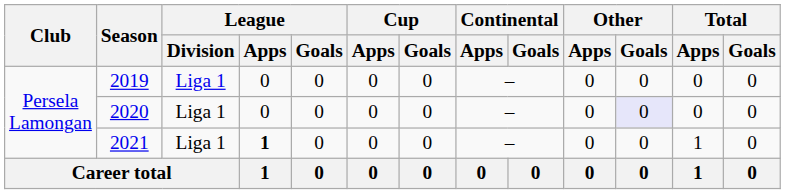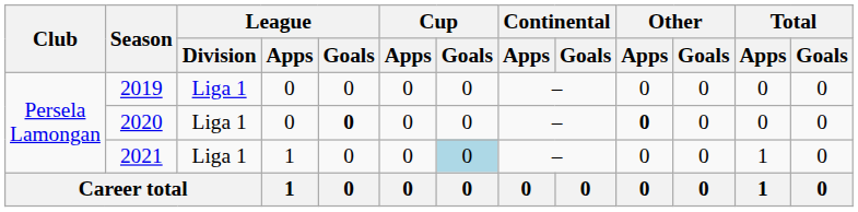 <table class="wikitable" style="text-align: center">
 <tr>
 <th rowspan="2">Club</th>
 <th rowspan="2">Season</th>
 <th colspan="3">League</th>
 <th colspan="2">Cup</th>
 <th colspan="2">Continental</th>
 <th colspan="2">Other</th>
 <th colspan="2">Total</th>
 </tr>
 <tr>
 <th>Division</th>
 <th>Apps</th>
 <th>Goals</th>
 <th>Apps</th>
 <th>Goals</th>
 <th>Apps</th>
 <th>Goals</th>
 <th>Apps</th>
 <th>Goals</th>
 <th>Apps</th>
 <th>Goals</th>
 </tr>
 <tr>
 <td rowspan="3"><a href='#'>Persela Lamongan</a></td>
 <td><a href='#'>2019</a></td>
 <td rowspan="1" valign="center"><a href='#'>Liga 1</a></td>
 <td>0</td>
 <td>0</td>
 <td>0</td>
 <td>0</td>
 <td colspan="2">–</td>
 <td>0</td>
 <td>0</td>
 <td>0</td>
 <td>0</td>
 </tr>
 <tr>
 <td><a href='#'>2020</a></td>
 <td rowspan="1" valign="center">Liga 1</td>
 <td>0</td>
-<td>0</td>
+<td><strong>0</strong></td>
 <td>0</td>
 <td>0</td>
 <td colspan="2">–</td>
+<td><strong>0</strong></td>
 <td>0</td>
-<td style="background: lavender;">0</td>
 <td>0</td>
 <td>0</td>
 </tr>
 <tr>
 <td><a href='#'>2021</a></td>
 <td rowspan="1" valign="center">Liga 1</td>
-<td><strong>1</strong></td>
+<td>1</td>
 <td>0</td>
 <td>0</td>
-<td>0</td>
+<td style="background: lightblue;">0</td>
 <td colspan="2">–</td>
 <td>0</td>
 <td>0</td>
 <td>1</td>
 <td>0</td>
 </tr>
 <tr>
 <th colspan=3>Career total</th>
 <th>1</th>
 <th>0</th>
 <th>0</th>
 <th>0</th>
 <th>0</th>
 <th>0</th>
 <th>0</th>
 <th>0</th>
 <th>1</th>
 <th>0</th>
 </tr>
 </table>
